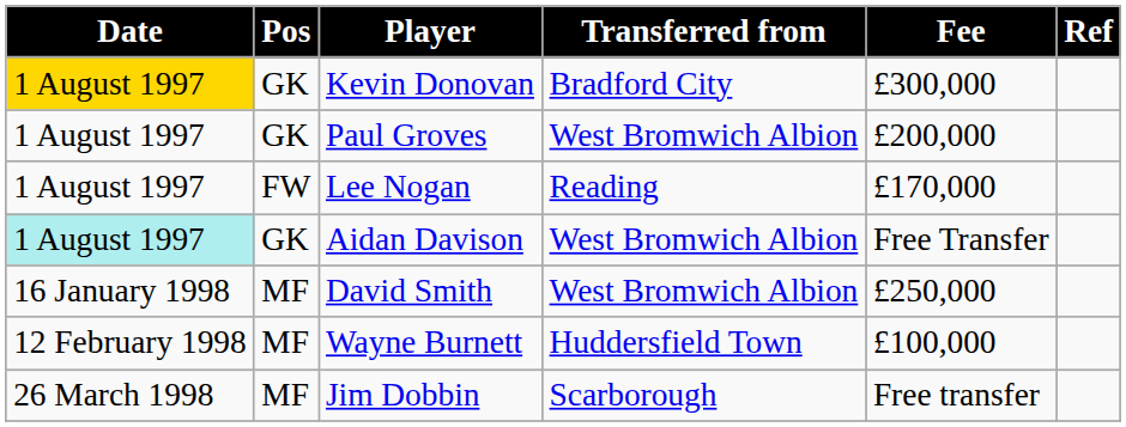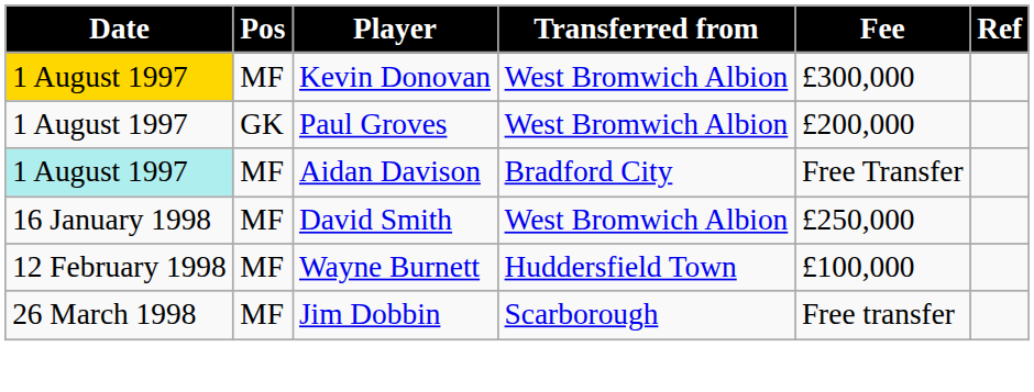 <table class="wikitable plainrowheaders sortable">
 <tr>
 <th style="background:#000000; color:#FFFFFF; ">Date</th>
 <th style="background:#000000; color:#FFFFff; ">Pos</th>
 <th style="background:#000000; color:#FFFFff; ">Player</th>
 <th style="background:#000000; color:#FFFFff; ">Transferred from</th>
 <th style="background:#000000; color:#FFFFff; ">Fee</th>
 <th style="background:#000000; color:#FFFFff; ">Ref</th>
 </tr>
 <tr>
 <td style="background: gold;">1 August 1997</td>
-<td>GK</td>
+<td>MF</td>
 <td> <a href='#'>Kevin Donovan</a></td>
-<td> <a href='#'>Bradford City</a></td>
+<td> <a href='#'>West Bromwich Albion</a></td>
 <td>£300,000</td>
 <td></td>
 </tr>
 <tr>
 <td>1 August 1997</td>
 <td>GK</td>
 <td> <a href='#'>Paul Groves</a></td>
 <td> <a href='#'>West Bromwich Albion</a></td>
 <td>£200,000</td>
 </tr>
 <tr>
-<td>1 August 1997</td>
-<td>FW</td>
-<td> <a href='#'>Lee Nogan</a></td>
-<td> <a href='#'>Reading</a></td>
-<td>£170,000</td>
-<td></td>
-</tr>
-<tr>
 <td style="background: paleturquoise;">1 August 1997</td>
-<td>GK</td>
+<td>MF</td>
 <td> <a href='#'>Aidan Davison</a></td>
-<td> <a href='#'>West Bromwich Albion</a></td>
+<td> <a href='#'>Bradford City</a></td>
 <td>Free Transfer</td>
 <td></td>
 </tr>
 <tr>
 <td>16 January 1998</td>
 <td>MF</td>
 <td> <a href='#'>David Smith</a></td>
 <td> <a href='#'>West Bromwich Albion</a></td>
 <td>£250,000</td>
 <td></td>
 </tr>
 <tr>
 <td>12 February 1998</td>
 <td>MF</td>
 <td> <a href='#'>Wayne Burnett</a></td>
 <td> <a href='#'>Huddersfield Town</a></td>
 <td>£100,000</td>
 <td></td>
 </tr>
 <tr>
 <td>26 March 1998</td>
 <td>MF</td>
 <td> <a href='#'>Jim Dobbin</a></td>
 <td> <a href='#'>Scarborough</a></td>
 <td>Free transfer</td>
 <td></td>
 </tr>
 </table>
